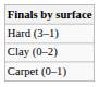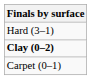 <table class="wikitable" style=font-size:90%>
 <tr>
 <th>Finals by surface</th>
 </tr>
 <tr>
 <td>Hard (3–1)</td>
 </tr>
 <tr>
-<td>Clay (0–2)</td>
+<td><strong>Clay (0–2)</strong></td>
 </tr>
 <tr>
 <td>Carpet (0–1)</td>
 </tr>
 </table>
